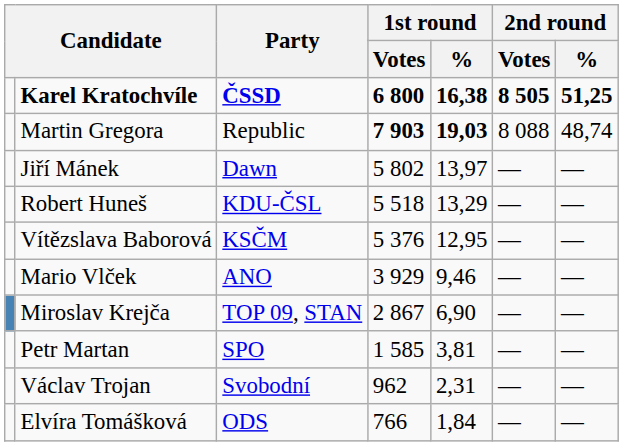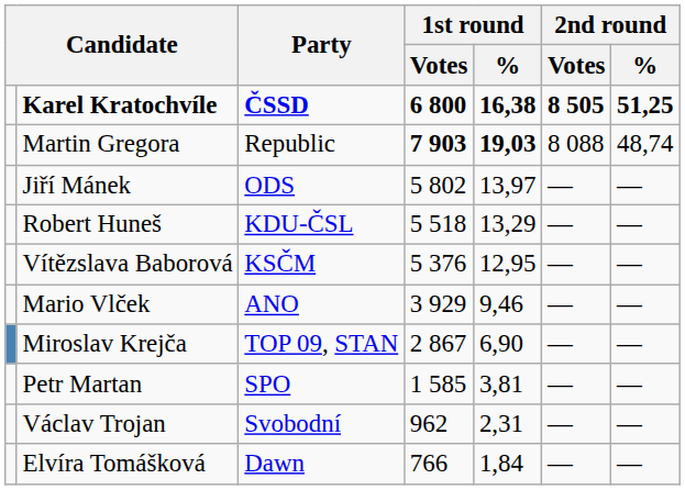 <table class="wikitable sortable">
 <tr>
 <th colspan="2" rowspan="2">Candidate</th>
 <th rowspan="2">Party</th>
 <th colspan="2">1st round</th>
 <th colspan="2">2nd round</th>
 </tr>
 <tr>
 <th>Votes</th>
 <th>%</th>
 <th>Votes</th>
 <th>%</th>
 </tr>
 <tr>
 <td style="background-color:"></td>
 <td><strong>Karel Kratochvíle</strong></td>
 <td><a href='#'><strong>ČSSD</strong></a></td>
 <td><strong>6 800</strong></td>
 <td><strong>16,38</strong></td>
 <td><strong>8 505</strong></td>
 <td><strong>51,25</strong></td>
 </tr>
 <tr>
 <td style="background-color:"></td>
 <td>Martin Gregora</td>
 <td>Republic</td>
 <td><strong>7 903</strong></td>
 <td><strong>19,03</strong></td>
 <td>8 088</td>
 <td>48,74</td>
 </tr>
 <tr>
 <td style="background-color:"></td>
 <td>Jiří Mánek</td>
-<td><a href='#'>Dawn</a></td>
+<td><a href='#'>ODS</a></td>
 <td>5 802</td>
 <td>13,97</td>
 <td>—</td>
 <td>—</td>
 </tr>
 <tr>
 <td style="background-color:"></td>
 <td>Robert Huneš</td>
 <td><a href='#'>KDU-ČSL</a></td>
 <td>5 518</td>
 <td>13,29</td>
 <td>—</td>
 <td>—</td>
 </tr>
 <tr>
 <td style="background-color:"></td>
 <td>Vítězslava Baborová</td>
 <td><a href='#'>KSČM</a></td>
 <td>5 376</td>
 <td>12,95</td>
 <td>—</td>
 <td>—</td>
 </tr>
 <tr>
 <td style="background-color:"></td>
 <td>Mario Vlček</td>
 <td><a href='#'>ANO</a></td>
 <td>3 929</td>
 <td>9,46</td>
 <td>—</td>
 <td>—</td>
 </tr>
 <tr>
 <td style="background-color:SteelBlue	;"></td>
 <td>Miroslav Krejča</td>
 <td><a href='#'>TOP 09</a>, <a href='#'>STAN</a></td>
 <td>2 867</td>
 <td>6,90</td>
 <td>—</td>
 <td>—</td>
 </tr>
 <tr>
 <td style="background-color:"></td>
 <td>Petr Martan</td>
 <td><a href='#'>SPO</a></td>
 <td>1 585</td>
 <td>3,81</td>
 <td>—</td>
 <td>—</td>
 </tr>
 <tr>
 <td style="background-color:"></td>
 <td>Václav Trojan</td>
 <td><a href='#'>Svobodní</a></td>
 <td>962</td>
 <td>2,31</td>
 <td>—</td>
 <td>—</td>
 </tr>
 <tr>
 <td style="background-color:"></td>
 <td>Elvíra Tomášková</td>
-<td><a href='#'>ODS</a></td>
+<td><a href='#'>Dawn</a></td>
 <td>766</td>
 <td>1,84</td>
 <td>—</td>
 <td>—</td>
 </tr>
 </table>
